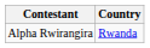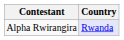 <table class="wikitable">
 <tr>
 <th>Contestant</th>
 <th>Country</th>
 </tr>
 <tr>
 <td>Alpha Rwirangira</td>
-<td><a href='#'>Rwanda</a></td>
+<td style="background: lavender;"><a href='#'>Rwanda</a></td>
 </tr>
 </table>
